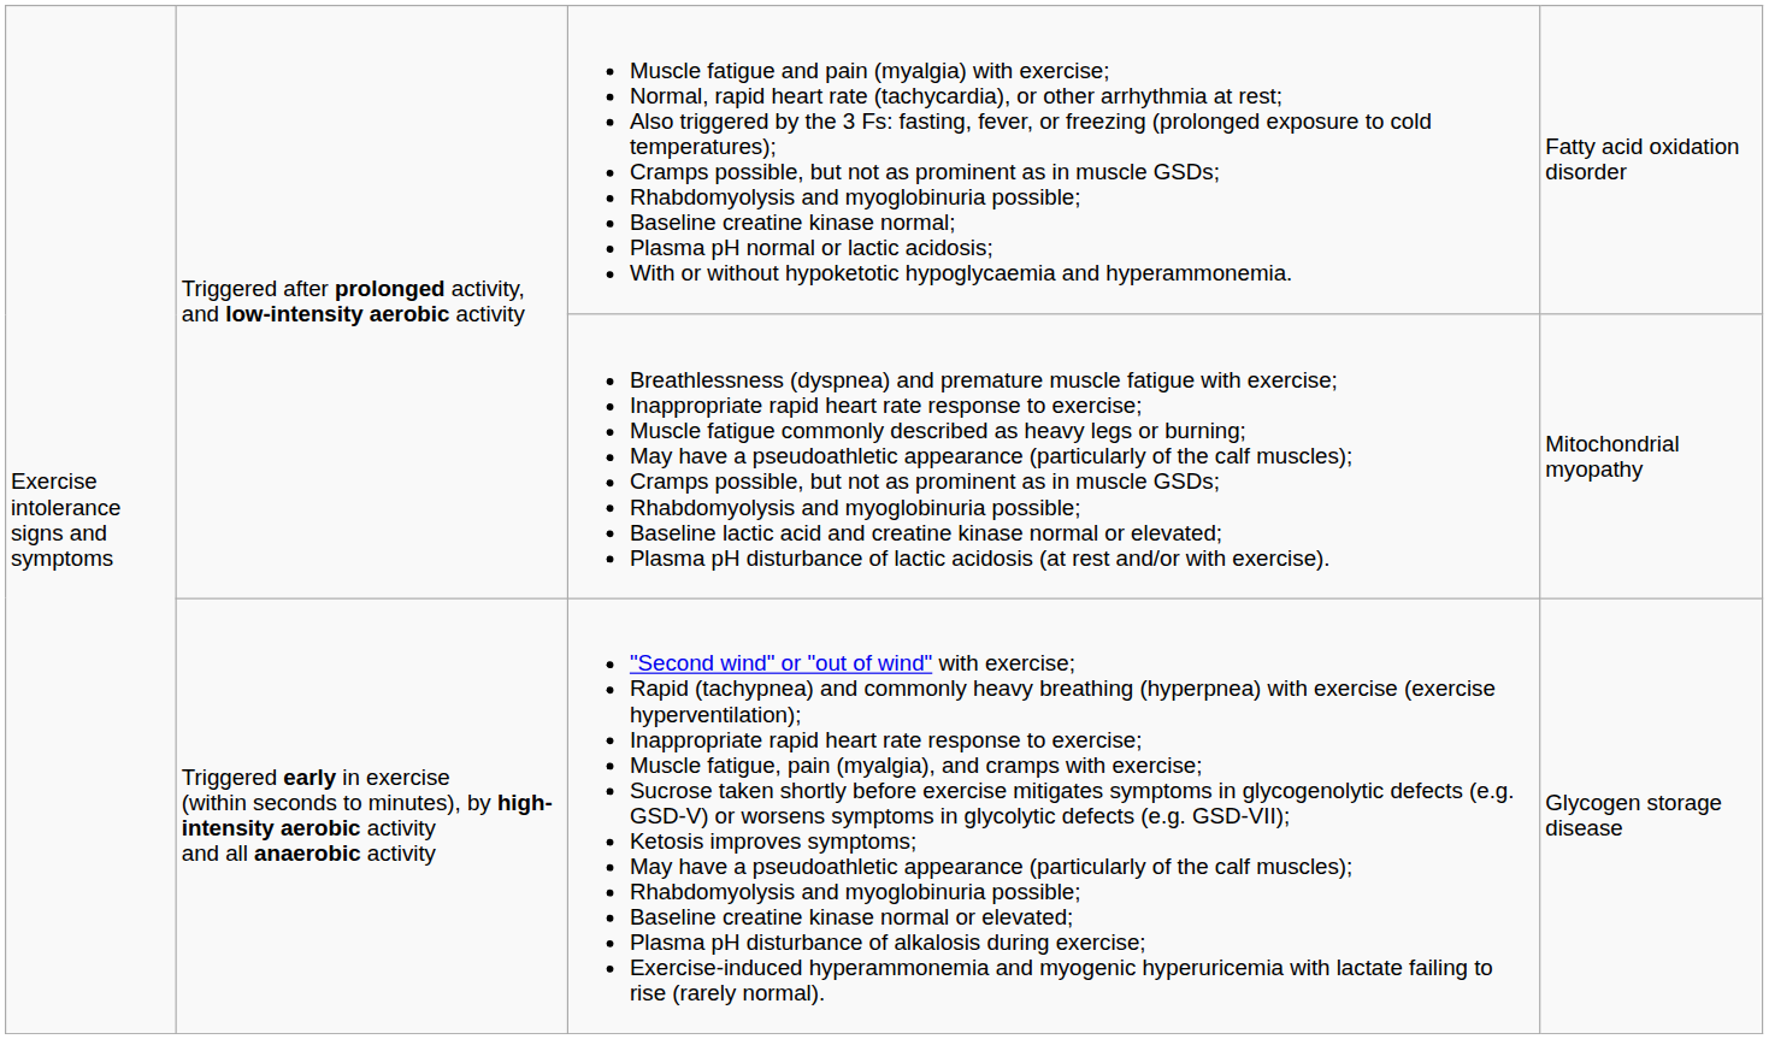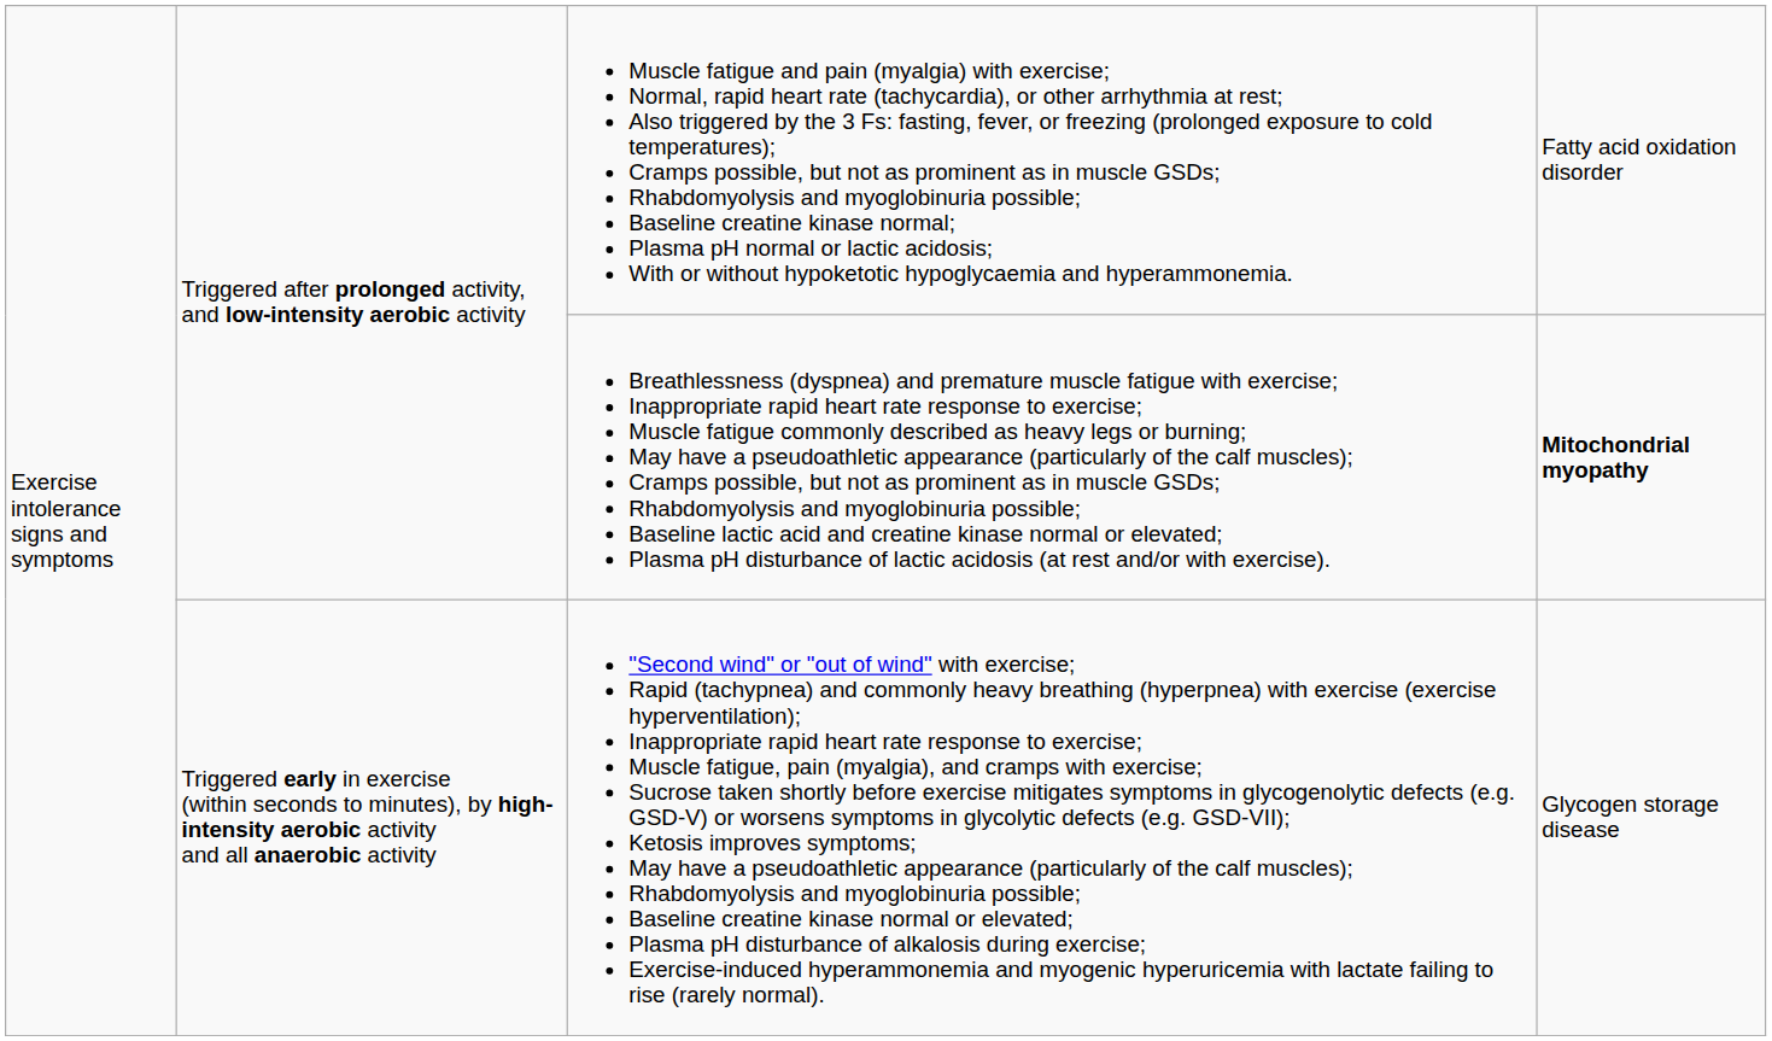 <table class="wikitable">
 <tr>
 <td rowspan="3">Exercise intolerance<br>signs and symptoms</td>
 <td rowspan="2">Triggered after <strong>prolonged</strong> activity,<br>and <strong>low-intensity aerobic</strong> activity</td>
 <td><br><ul><li>Muscle fatigue and pain (myalgia) with exercise;</li><li>Normal, rapid heart rate (tachycardia), or other arrhythmia at rest;</li><li>Also triggered by the 3 Fs: fasting, fever, or freezing (prolonged exposure to cold temperatures);</li><li>Cramps possible, but not as prominent as in muscle GSDs;</li><li>Rhabdomyolysis and myoglobinuria possible;</li><li>Baseline creatine kinase normal;</li><li>Plasma pH normal or lactic acidosis;</li><li>With or without hypoketotic hypoglycaemia and hyperammonemia.</li></ul></td>
 <td>Fatty acid oxidation disorder</td>
 </tr>
 <tr>
 <td><br><ul><li>Breathlessness (dyspnea) and premature muscle fatigue with exercise;</li><li>Inappropriate rapid heart rate response to exercise;</li><li>Muscle fatigue commonly described as heavy legs or burning;</li><li>May have a pseudoathletic appearance (particularly of the calf muscles);</li><li>Cramps possible, but not as prominent as in muscle GSDs;</li><li>Rhabdomyolysis and myoglobinuria possible;</li><li>Baseline lactic acid and creatine kinase normal or elevated;</li><li>Plasma pH disturbance of lactic acidosis (at rest and/or with exercise).</li></ul></td>
-<td>Mitochondrial myopathy</td>
+<td><strong>Mitochondrial myopathy</strong></td>
 </tr>
 <tr>
 <td>Triggered <strong>early</strong> in exercise<br>(within seconds to minutes), by <strong>high-intensity aerobic</strong> activity<br>and all <strong>anaerobic</strong> activity</td>
 <td><br><ul><li><a href='#'>"Second wind" or "out of wind"</a> with exercise;</li><li>Rapid (tachypnea) and commonly heavy breathing (hyperpnea) with exercise (exercise hyperventilation);</li><li>Inappropriate rapid heart rate response to exercise;</li><li>Muscle fatigue, pain (myalgia), and cramps with exercise;</li><li>Sucrose taken shortly before exercise mitigates symptoms in glycogenolytic defects (e.g. GSD-V) or worsens symptoms in glycolytic defects (e.g. GSD-VII);</li><li>Ketosis improves symptoms;</li><li>May have a pseudoathletic appearance (particularly of the calf muscles);</li><li>Rhabdomyolysis and myoglobinuria possible;</li><li>Baseline creatine kinase normal or elevated;</li><li>Plasma pH disturbance of alkalosis during exercise;</li><li>Exercise-induced hyperammonemia and myogenic hyperuricemia with lactate failing to rise (rarely normal).</li></ul></td>
 <td>Glycogen storage disease</td>
 </tr>
 </table>
